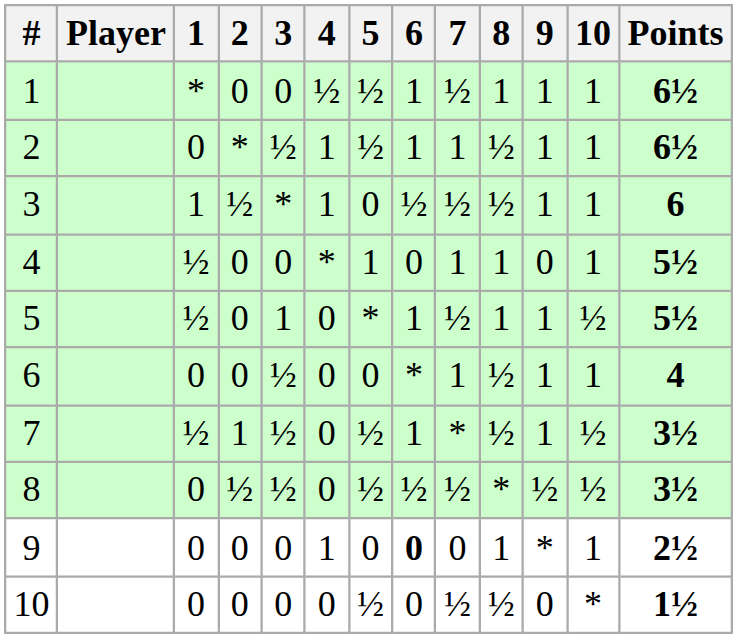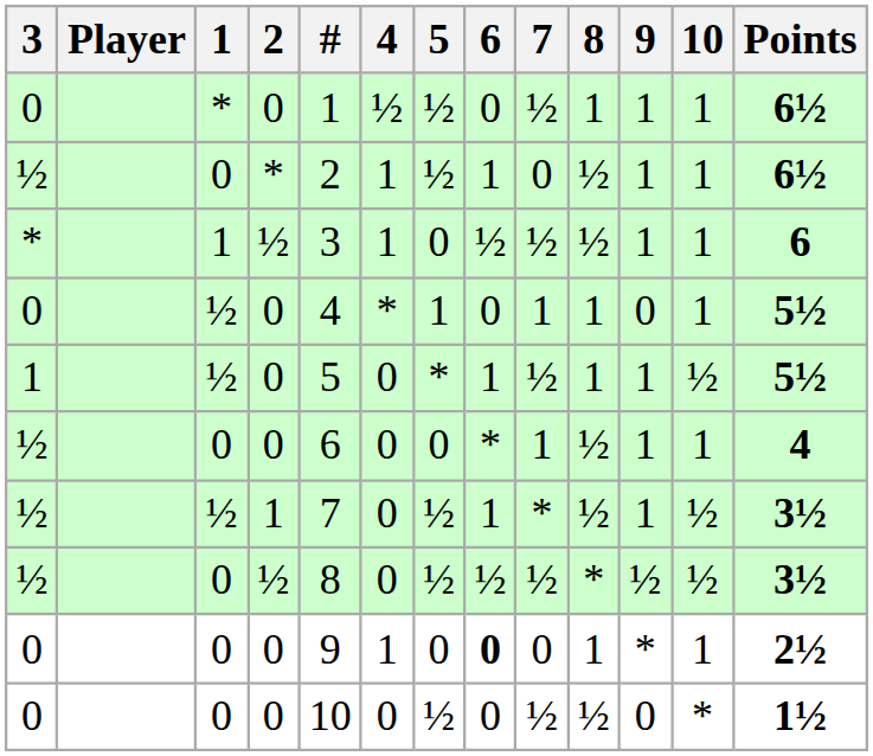 <table class="wikitable" style="text-align:center;background:#CCFFCC">
 <tr>
-<th>#</th>
+<th>3</th>
 <th>Player</th>
 <th>1</th>
 <th>2</th>
-<th>3</th>
+<th>#</th>
 <th>4</th>
 <th>5</th>
 <th>6</th>
 <th>7</th>
 <th>8</th>
 <th>9</th>
 <th>10</th>
 <th>Points</th>
 </tr>
 <tr>
-<td>1</td>
+<td>0</td>
 <td align=left></td>
 <td>*</td>
 <td>0</td>
-<td>0</td>
+<td>1</td>
 <td>½</td>
 <td>½</td>
-<td>1</td>
+<td>0</td>
 <td>½</td>
 <td>1</td>
 <td>1</td>
 <td>1</td>
 <td><strong>6½</strong></td>
 </tr>
 <tr>
-<td>2</td>
+<td>½</td>
 <td align=left></td>
 <td>0</td>
 <td>*</td>
-<td>½</td>
+<td>2</td>
 <td>1</td>
 <td>½</td>
 <td>1</td>
-<td>1</td>
+<td>0</td>
 <td>½</td>
 <td>1</td>
 <td>1</td>
 <td><strong>6½</strong></td>
 </tr>
 <tr>
-<td>3</td>
+<td>*</td>
 <td align=left></td>
 <td>1</td>
 <td>½</td>
-<td>*</td>
+<td>3</td>
 <td>1</td>
 <td>0</td>
 <td>½</td>
 <td>½</td>
 <td>½</td>
 <td>1</td>
 <td>1</td>
 <td><strong>6</strong></td>
 </tr>
 <tr>
-<td>4</td>
+<td>0</td>
 <td align=left></td>
 <td>½</td>
 <td>0</td>
-<td>0</td>
+<td>4</td>
 <td>*</td>
 <td>1</td>
 <td>0</td>
 <td>1</td>
 <td>1</td>
 <td>0</td>
 <td>1</td>
 <td><strong>5½</strong></td>
 </tr>
 <tr>
-<td>5</td>
+<td>1</td>
 <td align=left></td>
 <td>½</td>
 <td>0</td>
-<td>1</td>
+<td>5</td>
 <td>0</td>
 <td>*</td>
 <td>1</td>
 <td>½</td>
 <td>1</td>
 <td>1</td>
 <td>½</td>
 <td><strong>5½</strong></td>
 </tr>
 <tr>
-<td>6</td>
+<td>½</td>
 <td align=left></td>
 <td>0</td>
 <td>0</td>
-<td>½</td>
+<td>6</td>
 <td>0</td>
 <td>0</td>
 <td>*</td>
 <td>1</td>
 <td>½</td>
 <td>1</td>
 <td>1</td>
 <td><strong>4</strong></td>
 </tr>
 <tr>
-<td>7</td>
+<td>½</td>
 <td align=left></td>
 <td>½</td>
 <td>1</td>
-<td>½</td>
+<td>7</td>
 <td>0</td>
 <td>½</td>
 <td>1</td>
 <td>*</td>
 <td>½</td>
 <td>1</td>
 <td>½</td>
 <td><strong>3½</strong></td>
 </tr>
 <tr>
-<td>8</td>
+<td>½</td>
 <td align=left></td>
 <td>0</td>
 <td>½</td>
-<td>½</td>
+<td>8</td>
 <td>0</td>
 <td>½</td>
 <td>½</td>
 <td>½</td>
 <td>*</td>
 <td>½</td>
 <td>½</td>
 <td><strong>3½</strong></td>
 </tr>
 <tr bgcolor=#ffffff>
-<td>9</td>
+<td>0</td>
 <td align=left></td>
 <td>0</td>
 <td>0</td>
-<td>0</td>
+<td>9</td>
 <td>1</td>
 <td>0</td>
 <td><strong>0</strong></td>
 <td>0</td>
 <td>1</td>
 <td>*</td>
 <td>1</td>
 <td><strong>2½</strong></td>
 </tr>
 <tr bgcolor=#ffffff>
-<td>10</td>
+<td>0</td>
 <td align=left></td>
 <td>0</td>
 <td>0</td>
-<td>0</td>
+<td>10</td>
 <td>0</td>
 <td>½</td>
 <td>0</td>
 <td>½</td>
 <td>½</td>
 <td>0</td>
 <td>*</td>
 <td><strong>1½</strong></td>
 </tr>
 </table>
